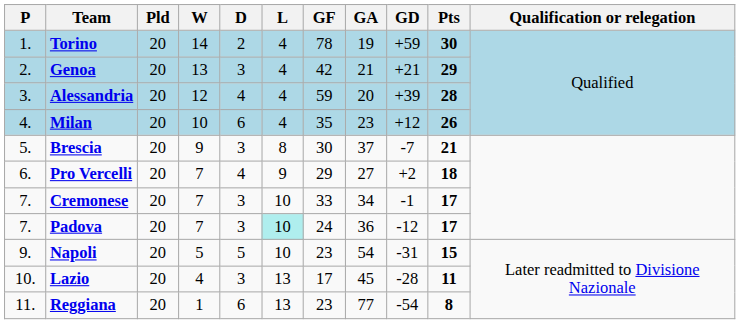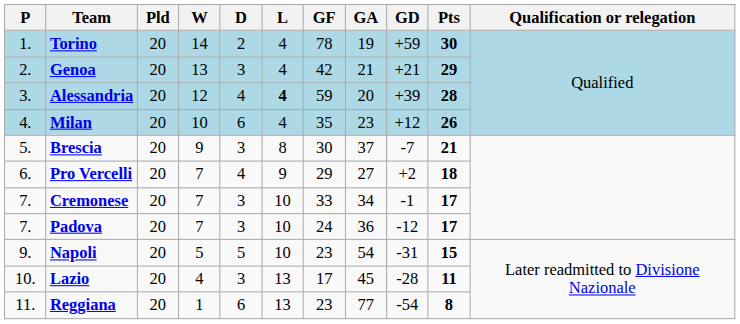 <table class="wikitable sortable" style="text-align: center;">
 <tr>
 <th width=33>P<br></th>
 <th>Team<br></th>
 <th width=33>Pld<br></th>
 <th width=33>W<br></th>
 <th width=33>D<br></th>
 <th width=33>L<br></th>
 <th width=33>GF<br></th>
 <th width=33>GA<br></th>
 <th width=33>GD<br></th>
 <th width=33>Pts<br></th>
 <th class="unsortable" width=250>Qualification or relegation<br></th>
 </tr>
 <tr style="background: lightblue;">
 <td>1.</td>
 <td align="left"><strong><a href='#'>Torino</a></strong></td>
 <td>20</td>
 <td>14</td>
 <td>2</td>
 <td>4</td>
 <td>78</td>
 <td>19</td>
 <td>+59</td>
 <td><strong>30</strong></td>
 <td rowspan="4">Qualified</td>
 </tr>
 <tr style="background: lightblue;">
 <td>2.</td>
 <td align="left"><strong><a href='#'>Genoa</a></strong></td>
 <td>20</td>
 <td>13</td>
 <td>3</td>
 <td>4</td>
 <td>42</td>
 <td>21</td>
 <td>+21</td>
 <td><strong>29</strong></td>
 </tr>
 <tr style="background: lightblue;">
 <td>3.</td>
 <td align="left"><strong><a href='#'>Alessandria</a></strong></td>
 <td>20</td>
 <td>12</td>
 <td>4</td>
-<td>4</td>
+<td><strong>4</strong></td>
 <td>59</td>
 <td>20</td>
 <td>+39</td>
 <td><strong>28</strong></td>
 </tr>
 <tr style="background: lightblue;">
 <td>4.</td>
 <td align="left"><strong><a href='#'>Milan</a></strong></td>
 <td>20</td>
 <td>10</td>
 <td>6</td>
 <td>4</td>
 <td>35</td>
 <td>23</td>
 <td>+12</td>
 <td><strong>26</strong></td>
 </tr>
 <tr>
 <td>5.</td>
 <td align="left"><strong><a href='#'>Brescia</a></strong></td>
 <td>20</td>
 <td>9</td>
 <td>3</td>
 <td>8</td>
 <td>30</td>
 <td>37</td>
 <td>-7</td>
 <td><strong>21</strong></td>
 </tr>
 <tr>
 <td>6.</td>
 <td align="left"><strong><a href='#'>Pro Vercelli</a></strong></td>
 <td>20</td>
 <td>7</td>
 <td>4</td>
 <td>9</td>
 <td>29</td>
 <td>27</td>
 <td>+2</td>
 <td><strong>18</strong></td>
 </tr>
 <tr>
 <td>7.</td>
 <td align="left"><strong><a href='#'>Cremonese</a></strong></td>
 <td>20</td>
 <td>7</td>
 <td>3</td>
 <td>10</td>
 <td>33</td>
 <td>34</td>
 <td>-1</td>
 <td><strong>17</strong></td>
 </tr>
 <tr>
 <td>7.</td>
 <td align="left"><strong><a href='#'>Padova</a></strong></td>
 <td>20</td>
 <td>7</td>
 <td>3</td>
-<td style="background: paleturquoise;">10</td>
+<td>10</td>
 <td>24</td>
 <td>36</td>
 <td>-12</td>
 <td><strong>17</strong></td>
 </tr>
 <tr>
 <td>9.</td>
 <td align="left"><strong><a href='#'>Napoli</a></strong></td>
 <td>20</td>
 <td>5</td>
 <td>5</td>
 <td>10</td>
 <td>23</td>
 <td>54</td>
 <td>-31</td>
 <td><strong>15</strong></td>
 <td rowspan="3">Later readmitted to <a href='#'>Divisione Nazionale</a></td>
 </tr>
 <tr>
 <td>10.</td>
 <td align="left"><strong><a href='#'>Lazio</a></strong></td>
 <td>20</td>
 <td>4</td>
 <td>3</td>
 <td>13</td>
 <td>17</td>
 <td>45</td>
 <td>-28</td>
 <td><strong>11</strong></td>
 </tr>
 <tr>
 <td>11.</td>
 <td align="left"><strong><a href='#'>Reggiana</a></strong></td>
 <td>20</td>
 <td>1</td>
 <td>6</td>
 <td>13</td>
 <td>23</td>
 <td>77</td>
 <td>-54</td>
 <td><strong>8</strong></td>
 </tr>
 </table>
